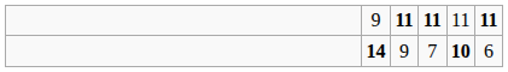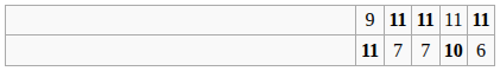 <table class="wikitable">
 <tr>
 <td style="width:18em"><strong></strong></td>
 <td align=center style="width:1em">9</td>
 <td align=center style="width:1em"><strong>11</strong></td>
 <td align=center style="width:1em"><strong>11</strong></td>
 <td align=center style="width:1em">11</td>
 <td align=center style="width:1em"><strong>11</strong></td>
 </tr>
 <tr>
 <td style="width:18em"></td>
-<td align=center style="width:1em"><strong>14</strong></td>
-<td align=center style="width:1em">9</td>
+<td align=center style="width:1em"><strong>11</strong></td>
+<td align=center style="width:1em">7</td>
 <td align=center style="width:1em">7</td>
 <td align=center style="width:1em"><strong>10</strong></td>
 <td align=center style="width:1em">6</td>
 </tr>
 </table>
